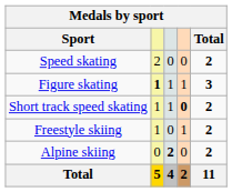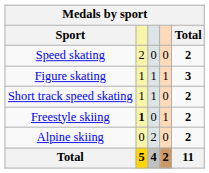 <table class=wikitable style=font-size:85%;float:right;text-align:center>
 <tr>
 <th colspan=5>Medals by sport</th>
 </tr>
 <tr>
 <th>Sport</th>
 <td bgcolor=F7F6A8></td>
 <td bgcolor=DCE5E5></td>
 <td bgcolor=FFDAB9></td>
 <th>Total</th>
 </tr>
 <tr>
 <td><a href='#'>Speed skating</a></td>
 <td bgcolor=F7F6A8>2</td>
 <td bgcolor=DCE5E5>0</td>
 <td bgcolor=FFDAB9>0</td>
 <td><strong>2</strong></td>
 </tr>
 <tr>
 <td><a href='#'>Figure skating</a></td>
-<td bgcolor=F7F6A8><strong>1</strong></td>
+<td bgcolor=F7F6A8>1</td>
 <td bgcolor=DCE5E5>1</td>
 <td bgcolor=FFDAB9>1</td>
 <td><strong>3</strong></td>
 </tr>
 <tr>
 <td><a href='#'>Short track speed skating</a></td>
 <td bgcolor=F7F6A8>1</td>
 <td bgcolor=DCE5E5>1</td>
-<td bgcolor=FFDAB9><strong>0</strong></td>
+<td bgcolor=FFDAB9>0</td>
 <td><strong>2</strong></td>
 </tr>
 <tr>
 <td><a href='#'>Freestyle skiing</a></td>
-<td bgcolor=F7F6A8>1</td>
+<td bgcolor=F7F6A8><strong>1</strong></td>
 <td bgcolor=DCE5E5>0</td>
 <td bgcolor=FFDAB9>1</td>
 <td><strong>2</strong></td>
 </tr>
 <tr>
 <td><a href='#'>Alpine skiing</a></td>
 <td bgcolor=F7F6A8>0</td>
-<td bgcolor=DCE5E5><strong>2</strong></td>
+<td bgcolor=DCE5E5>2</td>
 <td bgcolor=FFDAB9>0</td>
 <td><strong>2</strong></td>
 </tr>
 <tr>
 <th>Total</th>
 <th style=background:gold>5</th>
 <th style=background:silver>4</th>
 <th style=background:#c96>2</th>
 <th>11</th>
 </tr>
 </table>
